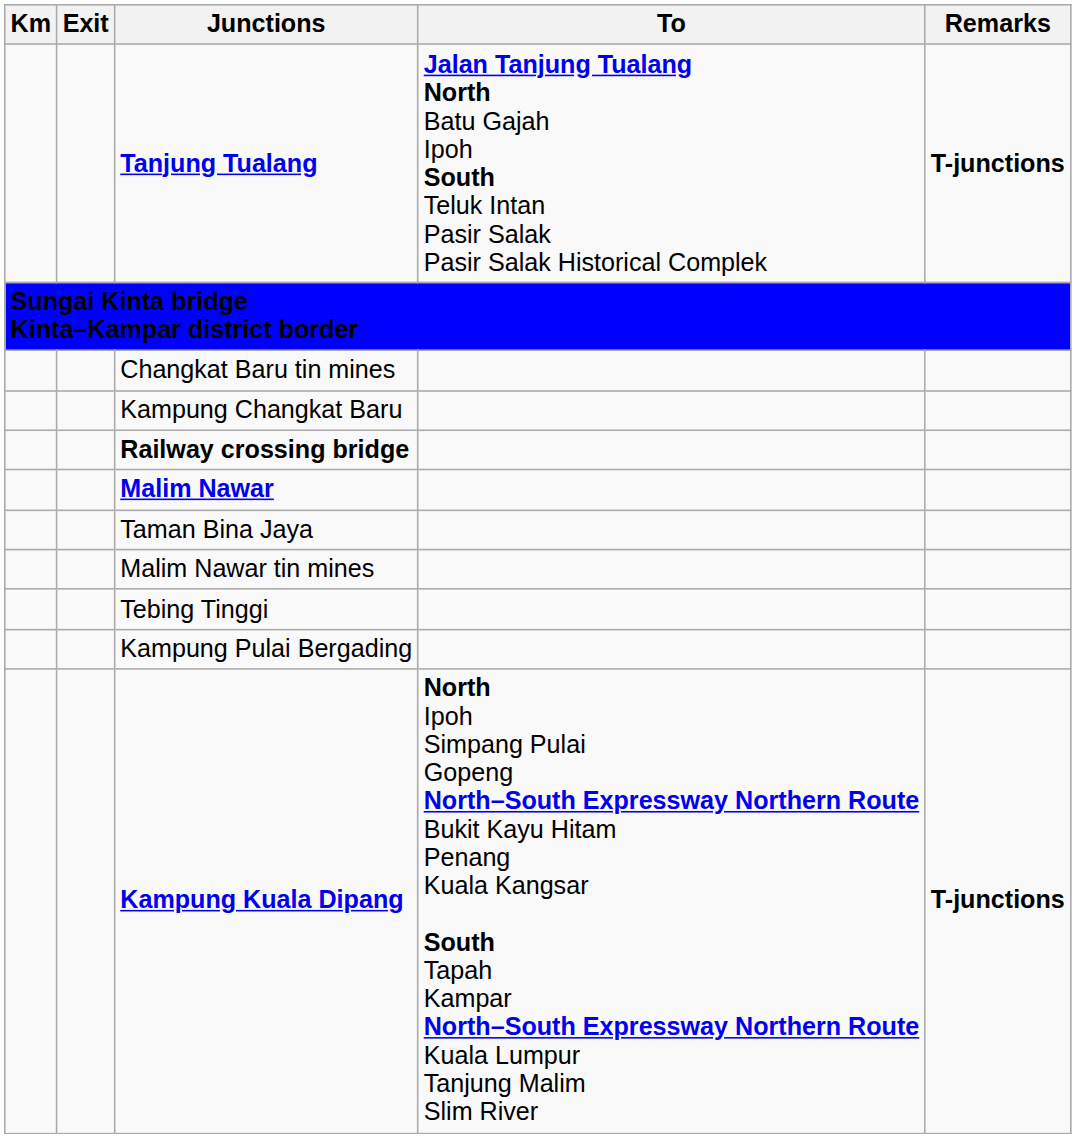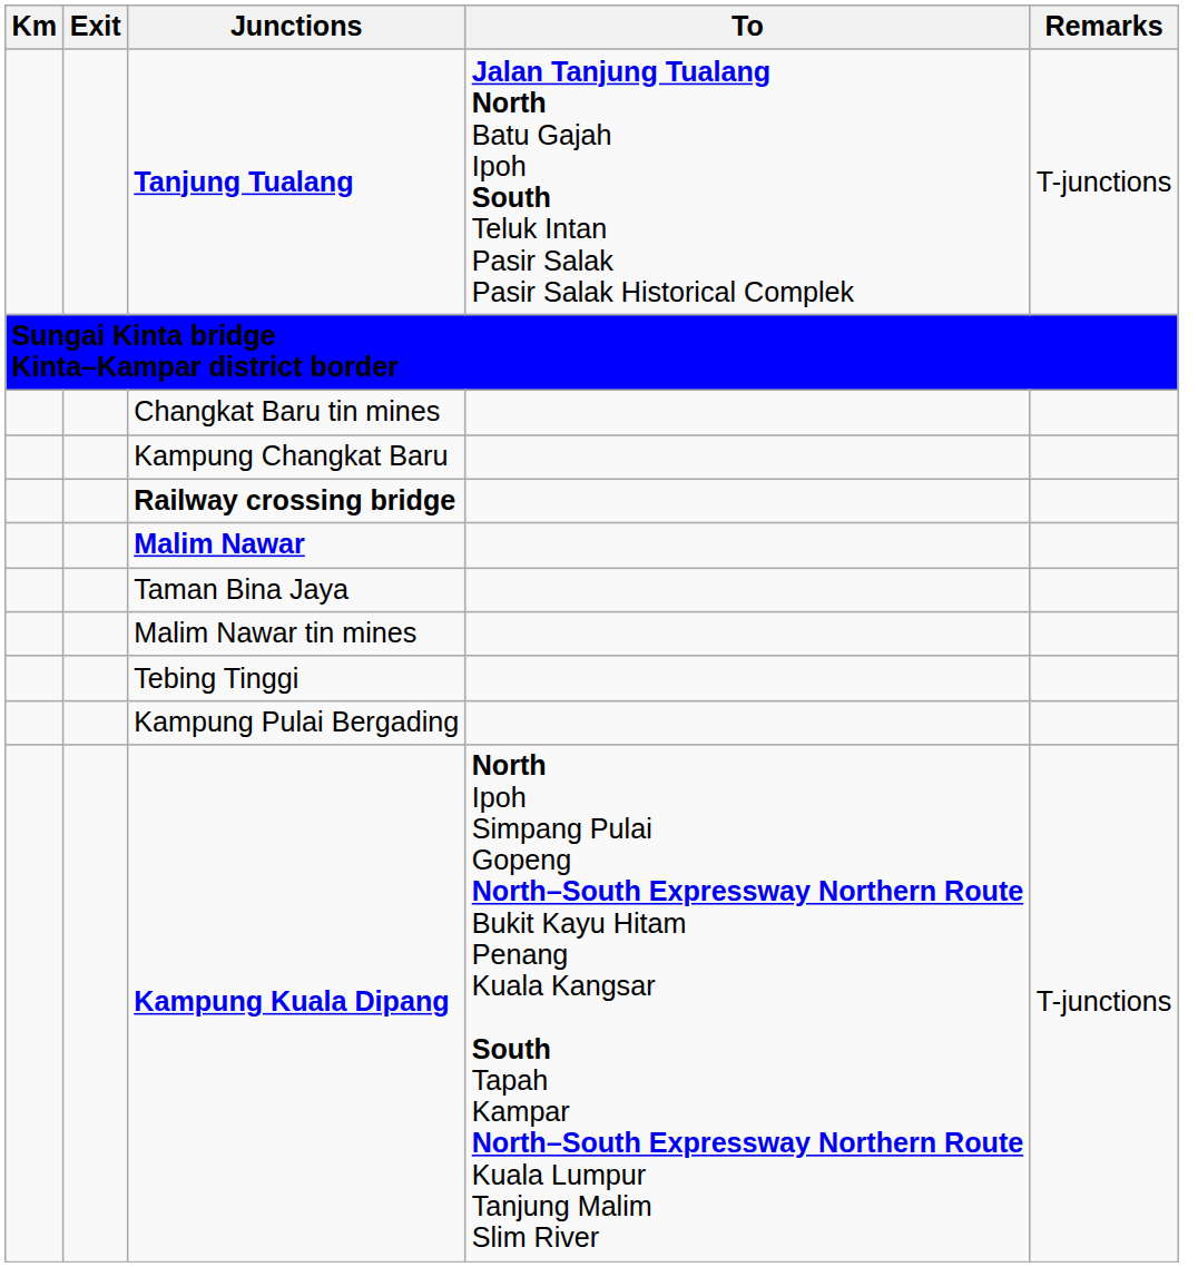 <table class="wikitable">
 <tr>
 <th>Km</th>
 <th>Exit</th>
 <th>Junctions</th>
 <th>To</th>
 <th>Remarks</th>
 </tr>
 <tr>
 <td></td>
 <td></td>
 <td><strong><a href='#'>Tanjung Tualang</a></strong></td>
 <td> <strong><a href='#'>Jalan Tanjung Tualang</a></strong><br><strong>North</strong><br>Batu Gajah<br>Ipoh<br><strong>South</strong><br>Teluk Intan<br>Pasir Salak<br>Pasir Salak Historical Complek</td>
-<td><strong>T-junctions</strong></td>
+<td>T-junctions</td>
 </tr>
 <tr>
 <td style="width:600px" colspan="6" style="text-align:center" bgcolor="blue"><strong><span>Sungai Kinta bridge<br>Kinta–Kampar district border</span></strong></td>
 </tr>
 <tr>
 <td></td>
 <td></td>
 <td>Changkat Baru tin mines</td>
 <td></td>
 <td></td>
 </tr>
 <tr>
 <td></td>
 <td></td>
 <td>Kampung Changkat Baru</td>
 <td></td>
 <td></td>
 </tr>
 <tr>
 <td></td>
 <td></td>
 <td><strong>Railway crossing bridge</strong></td>
 <td></td>
 <td></td>
 </tr>
 <tr>
 <td></td>
 <td></td>
 <td><strong><a href='#'>Malim Nawar</a></strong></td>
 <td></td>
 <td></td>
 </tr>
 <tr>
 <td></td>
 <td></td>
 <td>Taman Bina Jaya</td>
 <td></td>
 <td></td>
 </tr>
 <tr>
 <td></td>
 <td></td>
 <td>Malim Nawar tin mines</td>
 <td></td>
 <td></td>
 </tr>
 <tr>
 <td></td>
 <td></td>
 <td>Tebing Tinggi</td>
 <td></td>
 <td></td>
 </tr>
 <tr>
 <td></td>
 <td></td>
 <td>Kampung Pulai Bergading</td>
 <td></td>
 <td></td>
 </tr>
 <tr>
 <td></td>
 <td></td>
 <td><strong><a href='#'>Kampung Kuala Dipang</a></strong></td>
 <td><strong>North</strong><br> Ipoh<br> Simpang Pulai<br> Gopeng<br>  <strong><a href='#'>North–South Expressway Northern Route</a></strong><br>Bukit Kayu Hitam<br>Penang<br>Kuala Kangsar<br><br><strong>South</strong><br> Tapah<br> Kampar<br>  <strong><a href='#'>North–South Expressway Northern Route</a></strong><br>Kuala Lumpur<br>Tanjung Malim<br>Slim River</td>
-<td><strong>T-junctions</strong></td>
+<td>T-junctions</td>
 </tr>
 </table>
